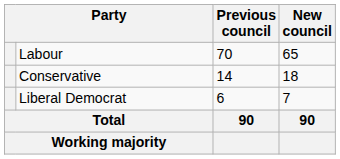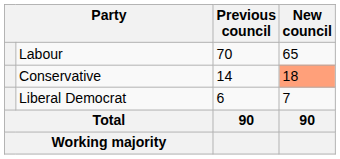 <table class="wikitable">
 <tr>
 <th valign=top colspan="2" style="width: 230px">Party</th>
 <th valign=top style="width: 30px">Previous council</th>
 <th valign=top style="width: 30px">New council</th>
 </tr>
 <tr>
 <th style="background-color: "></th>
 <td>Labour</td>
 <td>70</td>
 <td>65</td>
 </tr>
 <tr>
 <th style="background-color: "></th>
 <td>Conservative</td>
 <td>14</td>
-<td>18</td>
+<td style="background: lightsalmon;">18</td>
 </tr>
 <tr>
 <th style="background-color: "></th>
 <td>Liberal Democrat</td>
 <td>6</td>
 <td>7</td>
 </tr>
 <tr>
 <th colspan=2>Total</th>
 <th style="text-align: center">90</th>
 <th colspan=3>90</th>
 </tr>
 <tr>
 <th colspan=2>Working majority</th>
 <th></th>
 <th></th>
 </tr>
 </table>
